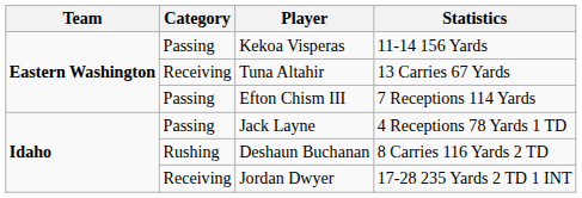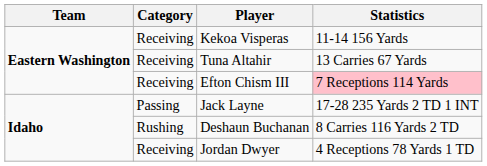 <table class="wikitable" style="float: right;">
 <tr>
 <th>Team</th>
 <th>Category</th>
 <th>Player</th>
 <th>Statistics</th>
 </tr>
 <tr>
 <td rowspan=3><strong>Eastern Washington</strong></td>
-<td>Passing</td>
+<td>Receiving</td>
 <td>Kekoa Visperas</td>
 <td>11-14 156 Yards</td>
 </tr>
 <tr>
 <td>Receiving</td>
 <td>Tuna Altahir</td>
 <td>13 Carries 67 Yards</td>
 </tr>
 <tr>
-<td>Passing</td>
+<td>Receiving</td>
 <td>Efton Chism III</td>
-<td>7 Receptions 114 Yards</td>
+<td style="background: pink;">7 Receptions 114 Yards</td>
 </tr>
 <tr>
 <td rowspan=3><strong>Idaho</strong></td>
 <td>Passing</td>
 <td>Jack Layne</td>
-<td>4 Receptions 78 Yards 1 TD</td>
+<td>17-28 235 Yards 2 TD 1 INT</td>
 </tr>
 <tr>
 <td>Rushing</td>
 <td>Deshaun Buchanan</td>
 <td>8 Carries 116 Yards 2 TD</td>
 </tr>
 <tr>
 <td>Receiving</td>
 <td>Jordan Dwyer</td>
-<td>17-28 235 Yards 2 TD 1 INT</td>
+<td>4 Receptions 78 Yards 1 TD</td>
 </tr>
 </table>
